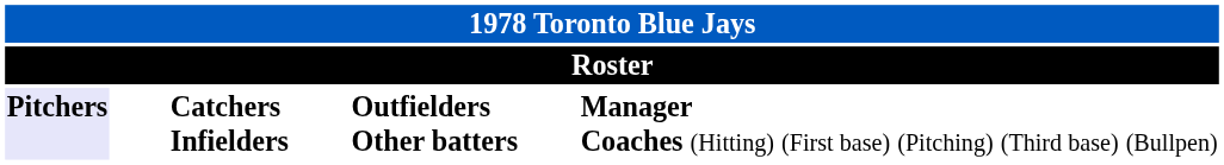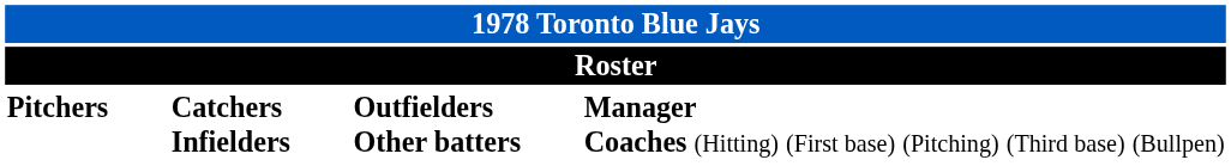 <table class="toccolours" style="font-size: 95%;">
 <tr>
 <th colspan="10" style="background-color: #005ac0; color: white; text-align: center;">1978 Toronto Blue Jays</th>
 </tr>
 <tr>
 <td colspan="10" style="background-color: black; color: white; text-align: center;"><strong>Roster</strong></td>
 </tr>
 <tr>
-<td valign="top" style="background: lavender;"><strong>Pitchers</strong><br>             </td>
+<td valign="top"><strong>Pitchers</strong><br>             </td>
 <td width="25px"></td>
 <td valign="top"><strong>Catchers</strong><br>    <strong>Infielders</strong>        </td>
 <td width="25px"></td>
 <td valign="top"><strong>Outfielders</strong><br>        <strong>Other batters</strong>   </td>
 <td width="25px"></td>
 <td valign="top"><strong>Manager</strong><br> <strong>Coaches</strong>  <small>(Hitting)</small>  <small>(First base)</small>  <small>(Pitching)</small>  <small>(Third base)</small>  <small>(Bullpen)</small></td>
 </tr>
 </table>
